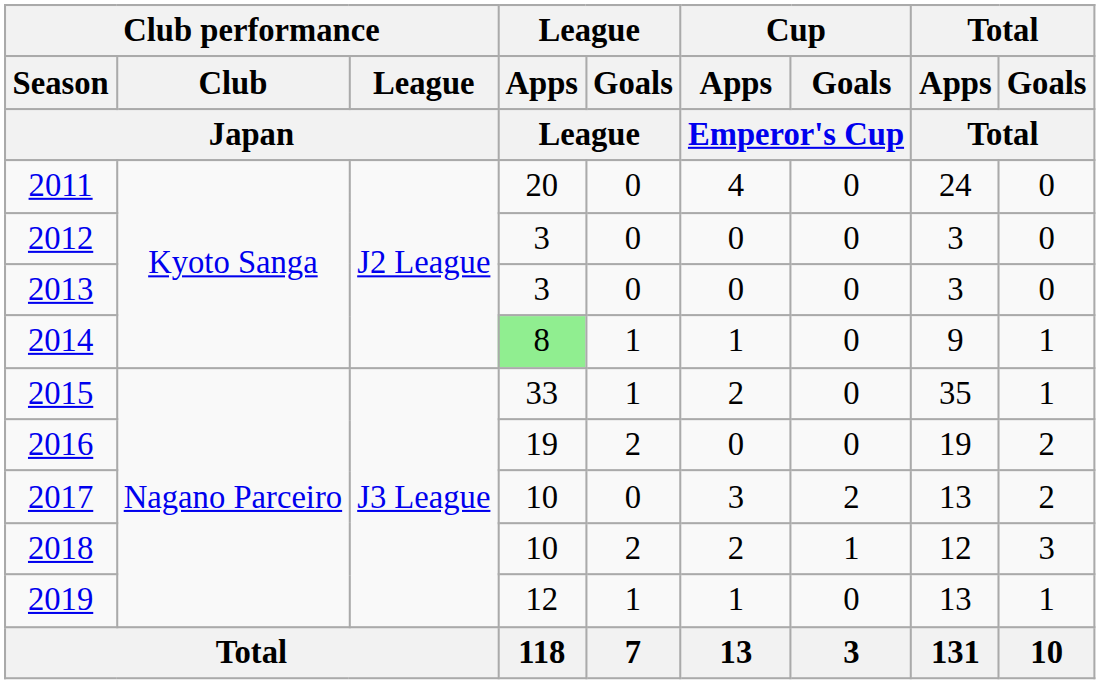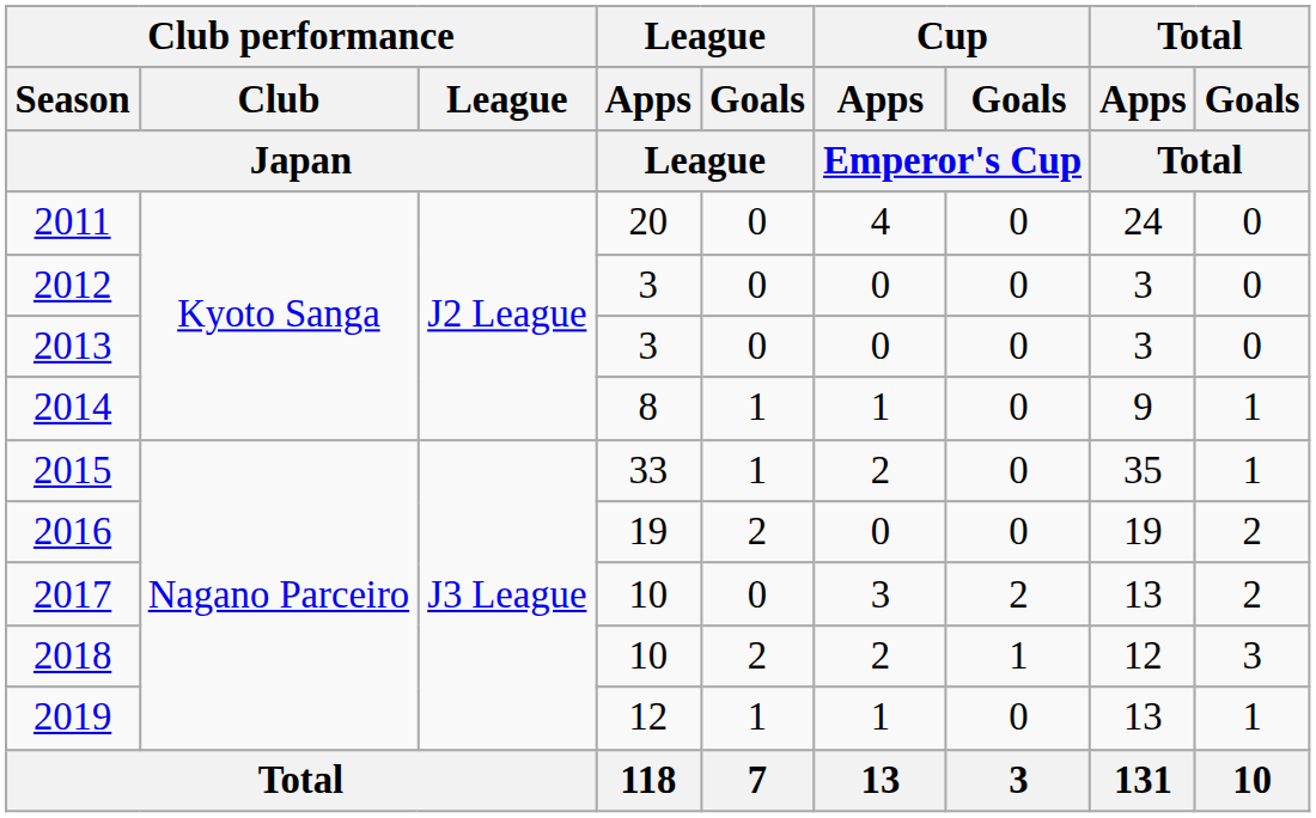 <table class="wikitable" style="text-align:center;">
 <tr>
 <th colspan=3>Club performance</th>
 <th colspan=2>League</th>
 <th colspan=2>Cup</th>
 <th colspan=2>Total</th>
 </tr>
 <tr>
 <th>Season</th>
 <th>Club</th>
 <th>League</th>
 <th>Apps</th>
 <th>Goals</th>
 <th>Apps</th>
 <th>Goals</th>
 <th>Apps</th>
 <th>Goals</th>
 </tr>
 <tr>
 <th colspan=3>Japan</th>
 <th colspan=2>League</th>
 <th colspan=2><a href='#'>Emperor's Cup</a></th>
 <th colspan=2>Total</th>
 </tr>
 <tr>
 <td><a href='#'>2011</a></td>
 <td rowspan="4"><a href='#'>Kyoto Sanga</a></td>
 <td rowspan="4"><a href='#'>J2 League</a></td>
 <td>20</td>
 <td>0</td>
 <td>4</td>
 <td>0</td>
 <td>24</td>
 <td>0</td>
 </tr>
 <tr>
 <td><a href='#'>2012</a></td>
 <td>3</td>
 <td>0</td>
 <td>0</td>
 <td>0</td>
 <td>3</td>
 <td>0</td>
 </tr>
 <tr>
 <td><a href='#'>2013</a></td>
 <td>3</td>
 <td>0</td>
 <td>0</td>
 <td>0</td>
 <td>3</td>
 <td>0</td>
 </tr>
 <tr>
 <td><a href='#'>2014</a></td>
-<td style="background: lightgreen;">8</td>
+<td>8</td>
 <td>1</td>
 <td>1</td>
 <td>0</td>
 <td>9</td>
 <td>1</td>
 </tr>
 <tr>
 <td><a href='#'>2015</a></td>
 <td rowspan="5"><a href='#'>Nagano Parceiro</a></td>
 <td rowspan="5"><a href='#'>J3 League</a></td>
 <td>33</td>
 <td>1</td>
 <td>2</td>
 <td>0</td>
 <td>35</td>
 <td>1</td>
 </tr>
 <tr>
 <td><a href='#'>2016</a></td>
 <td>19</td>
 <td>2</td>
 <td>0</td>
 <td>0</td>
 <td>19</td>
 <td>2</td>
 </tr>
 <tr>
 <td><a href='#'>2017</a></td>
 <td>10</td>
 <td>0</td>
 <td>3</td>
 <td>2</td>
 <td>13</td>
 <td>2</td>
 </tr>
 <tr>
 <td><a href='#'>2018</a></td>
 <td>10</td>
 <td>2</td>
 <td>2</td>
 <td>1</td>
 <td>12</td>
 <td>3</td>
 </tr>
 <tr>
 <td><a href='#'>2019</a></td>
 <td>12</td>
 <td>1</td>
 <td>1</td>
 <td>0</td>
 <td>13</td>
 <td>1</td>
 </tr>
 <tr>
 <th colspan=3>Total</th>
 <th>118</th>
 <th>7</th>
 <th>13</th>
 <th>3</th>
 <th>131</th>
 <th>10</th>
 </tr>
 </table>
